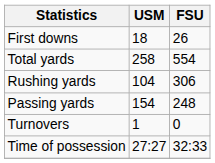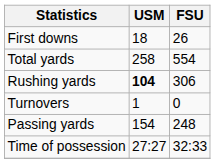 <table class="wikitable" style="float: left;">
 <tr>
 <th>Statistics</th>
 <th>USM</th>
 <th>FSU</th>
 </tr>
 <tr>
 <td>First downs</td>
 <td>18</td>
 <td>26</td>
 </tr>
 <tr>
 <td>Total yards</td>
 <td>258</td>
 <td>554</td>
 </tr>
 <tr>
 <td>Rushing yards</td>
-<td>104</td>
+<td><strong>104</strong></td>
 <td>306</td>
+</tr>
+<tr>
+<td>Turnovers</td>
+<td>1</td>
+<td>0</td>
 </tr>
 <tr>
 <td>Passing yards</td>
 <td>154</td>
 <td>248</td>
-</tr>
-<tr>
-<td>Turnovers</td>
-<td>1</td>
-<td>0</td>
 </tr>
 <tr>
 <td>Time of possession</td>
 <td>27:27</td>
 <td>32:33</td>
 </tr>
 <tr>
 </tr>
 </table>
